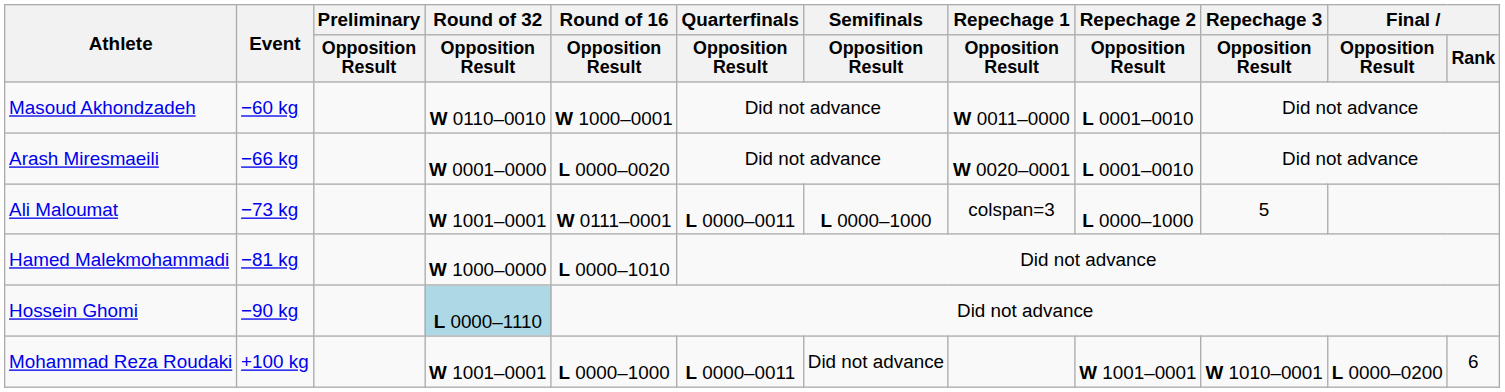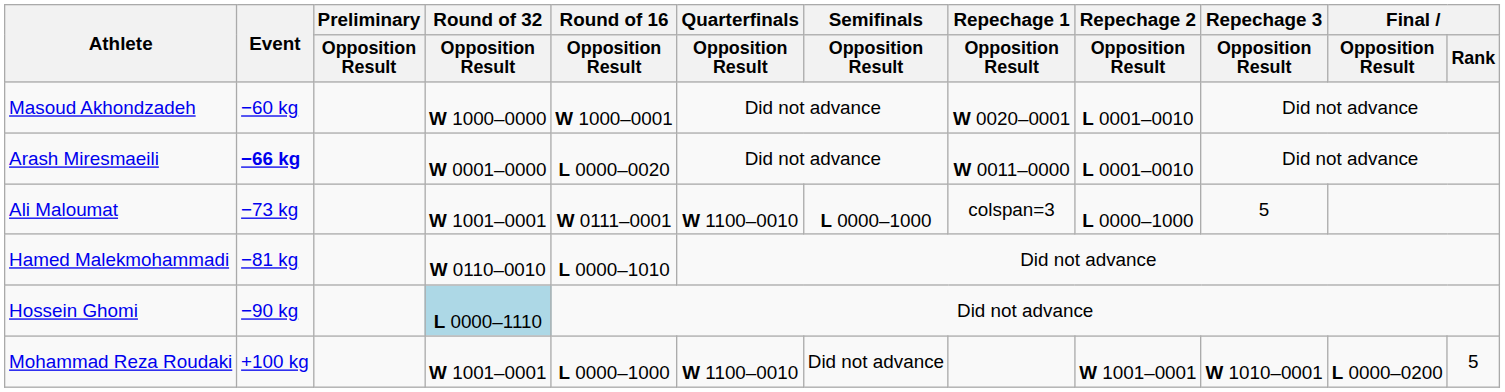 <table class="wikitable" style="font-size:90%">
 <tr>
 <th rowspan="2">Athlete</th>
 <th rowspan="2">Event</th>
 <th>Preliminary</th>
 <th>Round of 32</th>
 <th>Round of 16</th>
 <th>Quarterfinals</th>
 <th>Semifinals</th>
 <th>Repechage 1</th>
 <th>Repechage 2</th>
 <th>Repechage 3</th>
 <th colspan=2>Final / </th>
 </tr>
 <tr style="font-size:95%">
 <th>Opposition<br>Result</th>
 <th>Opposition<br>Result</th>
 <th>Opposition<br>Result</th>
 <th>Opposition<br>Result</th>
 <th>Opposition<br>Result</th>
 <th>Opposition<br>Result</th>
 <th>Opposition<br>Result</th>
 <th>Opposition<br>Result</th>
 <th>Opposition<br>Result</th>
 <th>Rank</th>
 </tr>
 <tr align=center>
 <td align=left><a href='#'>Masoud Akhondzadeh</a></td>
 <td align=left><a href='#'>−60 kg</a></td>
 <td></td>
-<td><br><strong>W</strong> 0110–0010</td>
+<td><br><strong>W</strong> 1000–0000</td>
 <td><br><strong>W</strong> 1000–0001</td>
 <td colspan=2>Did not advance</td>
-<td><br><strong>W</strong> 0011–0000</td>
+<td><br><strong>W</strong> 0020–0001</td>
 <td><br><strong>L</strong> 0001–0010</td>
 <td colspan=3>Did not advance</td>
 </tr>
 <tr align=center>
 <td align=left><a href='#'>Arash Miresmaeili</a></td>
-<td align=left><a href='#'>−66 kg</a></td>
+<td align=left><strong><a href='#'>−66 kg</a></strong></td>
 <td></td>
 <td><br><strong>W</strong> 0001–0000</td>
 <td><br><strong>L</strong> 0000–0020</td>
 <td colspan=2>Did not advance</td>
-<td><br><strong>W</strong> 0020–0001</td>
+<td><br><strong>W</strong> 0011–0000</td>
 <td><br><strong>L</strong> 0001–0010</td>
 <td colspan=3>Did not advance</td>
 </tr>
 <tr align=center>
 <td align=left><a href='#'>Ali Maloumat</a></td>
 <td align=left><a href='#'>−73 kg</a></td>
 <td></td>
 <td><br><strong>W</strong> 1001–0001</td>
 <td><br><strong>W</strong> 0111–0001</td>
-<td><br><strong>L</strong> 0000–0011</td>
+<td><br><strong>W</strong> 1100–0010</td>
 <td><br><strong>L</strong> 0000–1000</td>
 <td>colspan=3 </td>
 <td><br><strong>L</strong> 0000–1000</td>
 <td>5</td>
 </tr>
 <tr align=center>
 <td align=left><a href='#'>Hamed Malekmohammadi</a></td>
 <td align=left><a href='#'>−81 kg</a></td>
 <td></td>
-<td><br><strong>W</strong> 1000–0000</td>
+<td><br><strong>W</strong> 0110–0010</td>
 <td><br><strong>L</strong> 0000–1010</td>
 <td colspan=7>Did not advance</td>
 </tr>
 <tr align=center>
 <td align=left><a href='#'>Hossein Ghomi</a></td>
 <td align=left><a href='#'>−90 kg</a></td>
 <td></td>
 <td style="background: lightblue;"><br><strong>L</strong> 0000–1110</td>
 <td colspan=8>Did not advance</td>
 </tr>
 <tr align=center>
 <td align=left><a href='#'>Mohammad Reza Roudaki</a></td>
 <td align=left><a href='#'>+100 kg</a></td>
 <td></td>
 <td><br><strong>W</strong> 1001–0001</td>
 <td><br><strong>L</strong> 0000–1000</td>
-<td><br><strong>L</strong> 0000–0011</td>
+<td><br><strong>W</strong> 1100–0010</td>
 <td>Did not advance</td>
 <td></td>
 <td><br><strong>W</strong> 1001–0001</td>
 <td><br><strong>W</strong> 1010–0001</td>
 <td><br><strong>L</strong> 0000–0200</td>
-<td>6</td>
+<td>5</td>
 </tr>
 </table>
